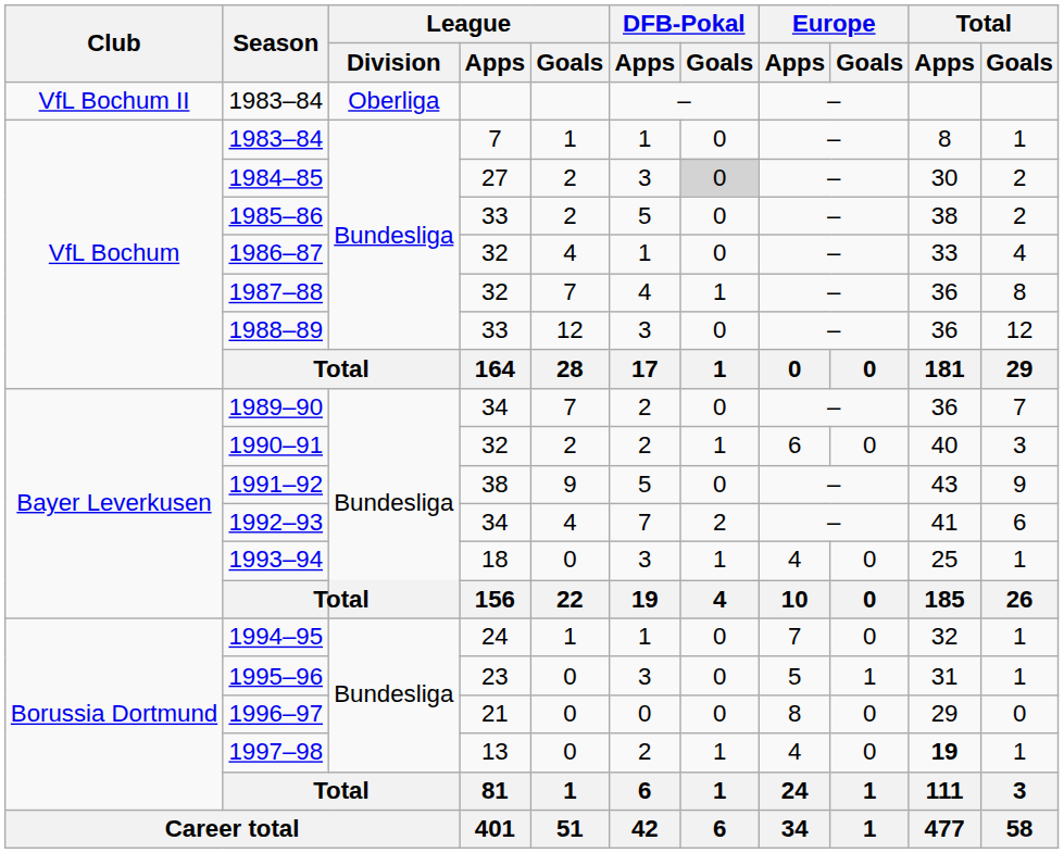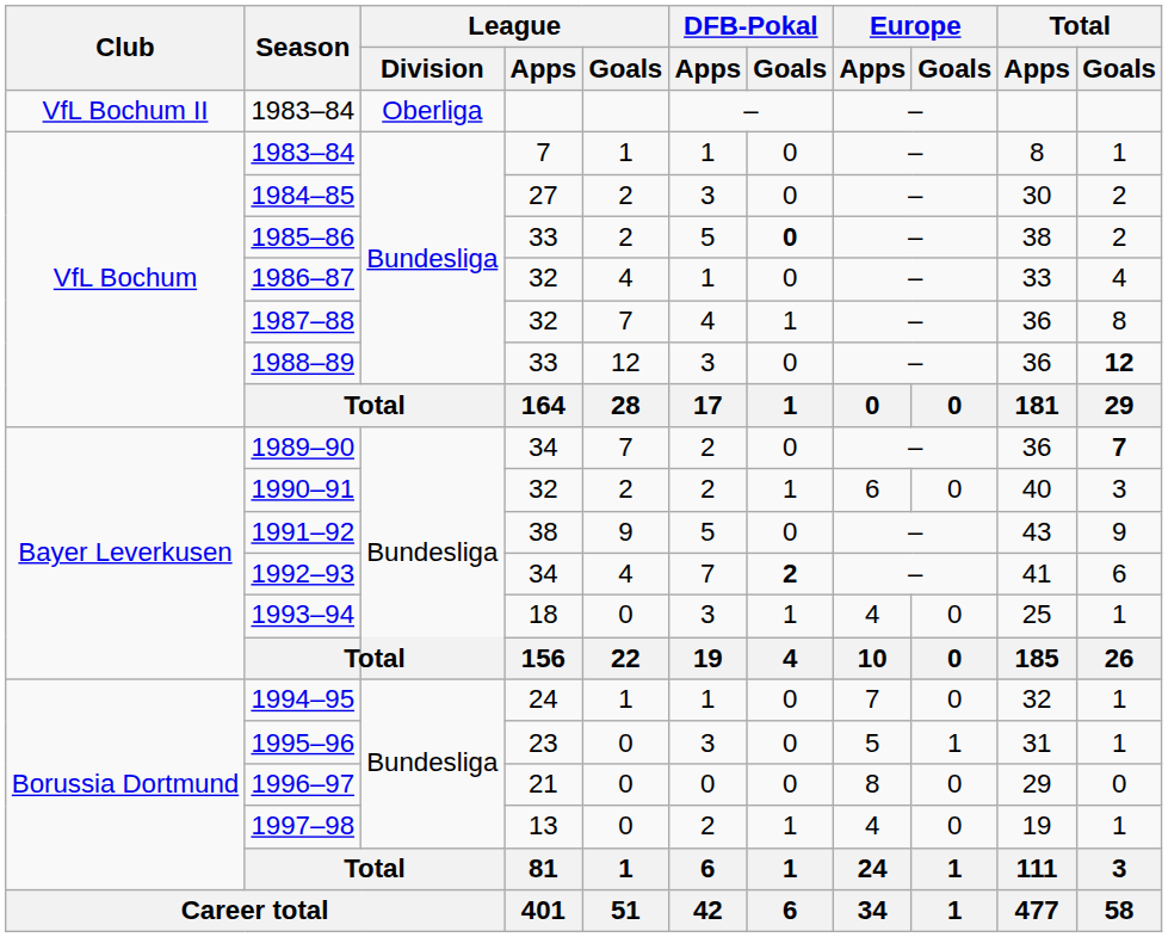 <table class="wikitable" style="text-align:center">
 <tr>
 <th rowspan="2">Club</th>
 <th rowspan="2">Season</th>
 <th colspan="3">League</th>
 <th colspan="2"><a href='#'>DFB-Pokal</a></th>
 <th colspan="2"><a href='#'>Europe</a></th>
 <th colspan="2">Total</th>
 </tr>
 <tr>
 <th>Division</th>
 <th>Apps</th>
 <th>Goals</th>
 <th>Apps</th>
 <th>Goals</th>
 <th>Apps</th>
 <th>Goals</th>
 <th>Apps</th>
 <th>Goals</th>
 </tr>
 <tr>
 <td><a href='#'>VfL Bochum II</a></td>
 <td>1983–84</td>
 <td><a href='#'>Oberliga</a></td>
 <td></td>
 <td></td>
 <td colspan="2">–</td>
 <td colspan="2">–</td>
 <td></td>
 <td></td>
 </tr>
 <tr>
 <td rowspan="7"><a href='#'>VfL Bochum</a></td>
 <td><a href='#'>1983–84</a></td>
 <td rowspan="6"><a href='#'>Bundesliga</a></td>
 <td>7</td>
 <td>1</td>
 <td>1</td>
 <td>0</td>
 <td colspan="2">–</td>
 <td>8</td>
 <td>1</td>
 </tr>
 <tr>
 <td><a href='#'>1984–85</a></td>
 <td>27</td>
 <td>2</td>
 <td>3</td>
-<td style="background: lightgrey;">0</td>
+<td>0</td>
 <td colspan="2">–</td>
 <td>30</td>
 <td>2</td>
 </tr>
 <tr>
 <td><a href='#'>1985–86</a></td>
 <td>33</td>
 <td>2</td>
 <td>5</td>
-<td>0</td>
+<td><strong>0</strong></td>
 <td colspan="2">–</td>
 <td>38</td>
 <td>2</td>
 </tr>
 <tr>
 <td><a href='#'>1986–87</a></td>
 <td>32</td>
 <td>4</td>
 <td>1</td>
 <td>0</td>
 <td colspan="2">–</td>
 <td>33</td>
 <td>4</td>
 </tr>
 <tr>
 <td><a href='#'>1987–88</a></td>
 <td>32</td>
 <td>7</td>
 <td>4</td>
 <td>1</td>
 <td colspan="2">–</td>
 <td>36</td>
 <td>8</td>
 </tr>
 <tr>
 <td><a href='#'>1988–89</a></td>
 <td>33</td>
 <td>12</td>
 <td>3</td>
 <td>0</td>
 <td colspan="2">–</td>
 <td>36</td>
-<td>12</td>
+<td><strong>12</strong></td>
 </tr>
 <tr>
 <th colspan="2">Total</th>
 <th>164</th>
 <th>28</th>
 <th>17</th>
 <th>1</th>
 <th>0</th>
 <th>0</th>
 <th>181</th>
 <th>29</th>
 </tr>
 <tr>
 <td rowspan="6"><a href='#'>Bayer Leverkusen</a></td>
 <td><a href='#'>1989–90</a></td>
 <td rowspan="6">Bundesliga</td>
 <td>34</td>
 <td>7</td>
 <td>2</td>
 <td>0</td>
 <td colspan="2">–</td>
 <td>36</td>
-<td>7</td>
+<td><strong>7</strong></td>
 </tr>
 <tr>
 <td><a href='#'>1990–91</a></td>
 <td>32</td>
 <td>2</td>
 <td>2</td>
 <td>1</td>
 <td>6</td>
 <td>0</td>
 <td>40</td>
 <td>3</td>
 </tr>
 <tr>
 <td><a href='#'>1991–92</a></td>
 <td>38</td>
 <td>9</td>
 <td>5</td>
 <td>0</td>
 <td colspan="2">–</td>
 <td>43</td>
 <td>9</td>
 </tr>
 <tr>
 <td><a href='#'>1992–93</a></td>
 <td>34</td>
 <td>4</td>
 <td>7</td>
-<td>2</td>
+<td><strong>2</strong></td>
 <td colspan="2">–</td>
 <td>41</td>
 <td>6</td>
 </tr>
 <tr>
 <td><a href='#'>1993–94</a></td>
 <td>18</td>
 <td>0</td>
 <td>3</td>
 <td>1</td>
 <td>4</td>
 <td>0</td>
 <td>25</td>
 <td>1</td>
 </tr>
 <tr>
 <th colspan="2">Total</th>
 <th>156</th>
 <th>22</th>
 <th>19</th>
 <th>4</th>
 <th>10</th>
 <th>0</th>
 <th>185</th>
 <th>26</th>
 </tr>
 <tr>
 <td rowspan="5"><a href='#'>Borussia Dortmund</a></td>
 <td><a href='#'>1994–95</a></td>
 <td rowspan="4">Bundesliga</td>
 <td>24</td>
 <td>1</td>
 <td>1</td>
 <td>0</td>
 <td>7</td>
 <td>0</td>
 <td>32</td>
 <td>1</td>
 </tr>
 <tr>
 <td><a href='#'>1995–96</a></td>
 <td>23</td>
 <td>0</td>
 <td>3</td>
 <td>0</td>
 <td>5</td>
 <td>1</td>
 <td>31</td>
 <td>1</td>
 </tr>
 <tr>
 <td><a href='#'>1996–97</a></td>
 <td>21</td>
 <td>0</td>
 <td>0</td>
 <td>0</td>
 <td>8</td>
 <td>0</td>
 <td>29</td>
 <td>0</td>
 </tr>
 <tr>
 <td><a href='#'>1997–98</a></td>
 <td>13</td>
 <td>0</td>
 <td>2</td>
 <td>1</td>
 <td>4</td>
 <td>0</td>
-<td><strong>19</strong></td>
+<td>19</td>
 <td>1</td>
 </tr>
 <tr>
 <th colspan="2">Total</th>
 <th>81</th>
 <th>1</th>
 <th>6</th>
 <th>1</th>
 <th>24</th>
 <th>1</th>
 <th>111</th>
 <th>3</th>
 </tr>
 <tr>
 <th colspan="3">Career total</th>
 <th>401</th>
 <th>51</th>
 <th>42</th>
 <th>6</th>
 <th>34</th>
 <th>1</th>
 <th>477</th>
 <th>58</th>
 </tr>
 </table>
